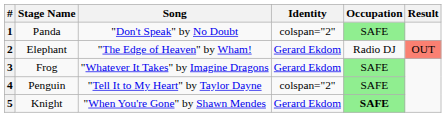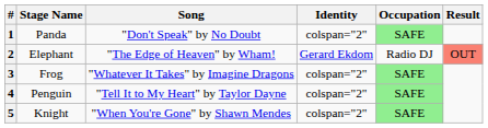 <table class="wikitable plainrowheaders" style="text-align: center;">
 <tr>
 <th><strong>#</strong></th>
 <th><strong>Stage Name</strong></th>
 <th><strong>Song</strong></th>
 <th>Identity</th>
 <th><strong>Occupation</strong></th>
 <th>Result</th>
 </tr>
 <tr>
 <th>1</th>
 <td>Panda</td>
 <td>"<a href='#'>Don't Speak</a>" by <a href='#'>No Doubt</a></td>
 <td>colspan="2" </td>
 <td bgcolor="lightgreen">SAFE</td>
 </tr>
 <tr>
 <th>2</th>
 <td>Elephant</td>
 <td>"<a href='#'>The Edge of Heaven</a>" by <a href='#'>Wham!</a></td>
 <td><a href='#'>Gerard Ekdom</a></td>
 <td>Radio DJ</td>
 <td bgcolor="salmon">OUT</td>
 </tr>
 <tr>
 <th>3</th>
 <td>Frog</td>
 <td>"<a href='#'>Whatever It Takes</a>" by <a href='#'>Imagine Dragons</a></td>
-<td><a href='#'>Gerard Ekdom</a></td>
+<td>colspan="2" </td>
 <td bgcolor="lightgreen">SAFE</td>
 </tr>
 <tr>
 <th>4</th>
 <td>Penguin</td>
 <td>"<a href='#'>Tell It to My Heart</a>" by <a href='#'>Taylor Dayne</a></td>
 <td>colspan="2" </td>
 <td bgcolor="lightgreen">SAFE</td>
 </tr>
 <tr>
 <th>5</th>
 <td>Knight</td>
 <td>"<a href='#'>When You're Gone</a>" by <a href='#'>Shawn Mendes</a></td>
-<td><a href='#'>Gerard Ekdom</a></td>
-<td bgcolor="lightgreen"><strong>SAFE</strong></td>
+<td>colspan="2" </td>
+<td bgcolor="lightgreen">SAFE</td>
 </tr>
 </table>
